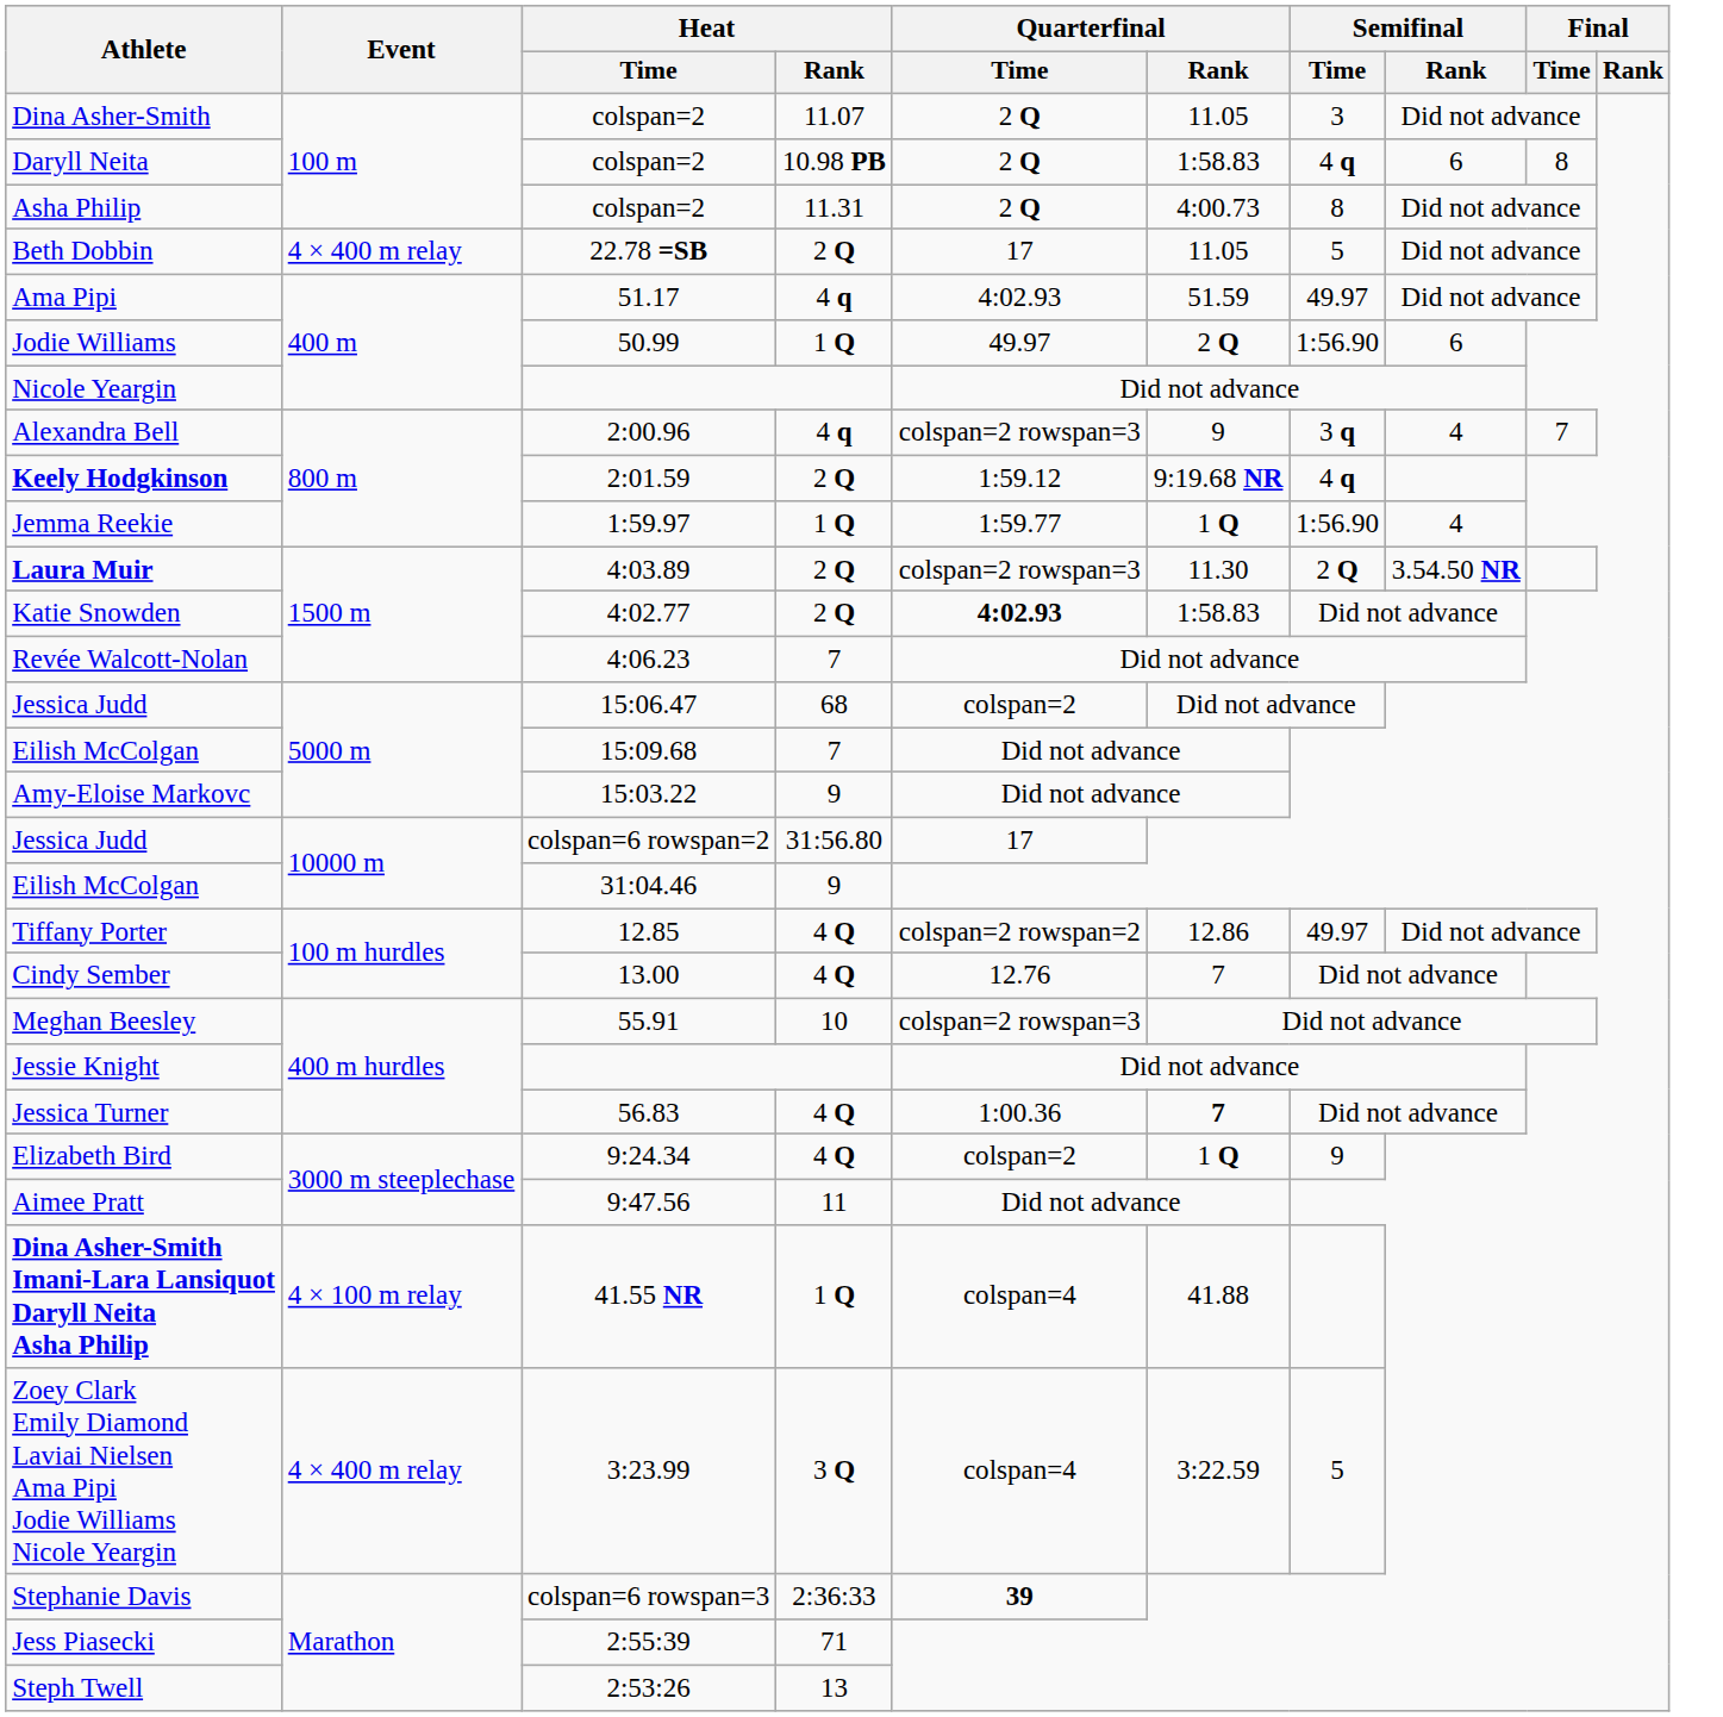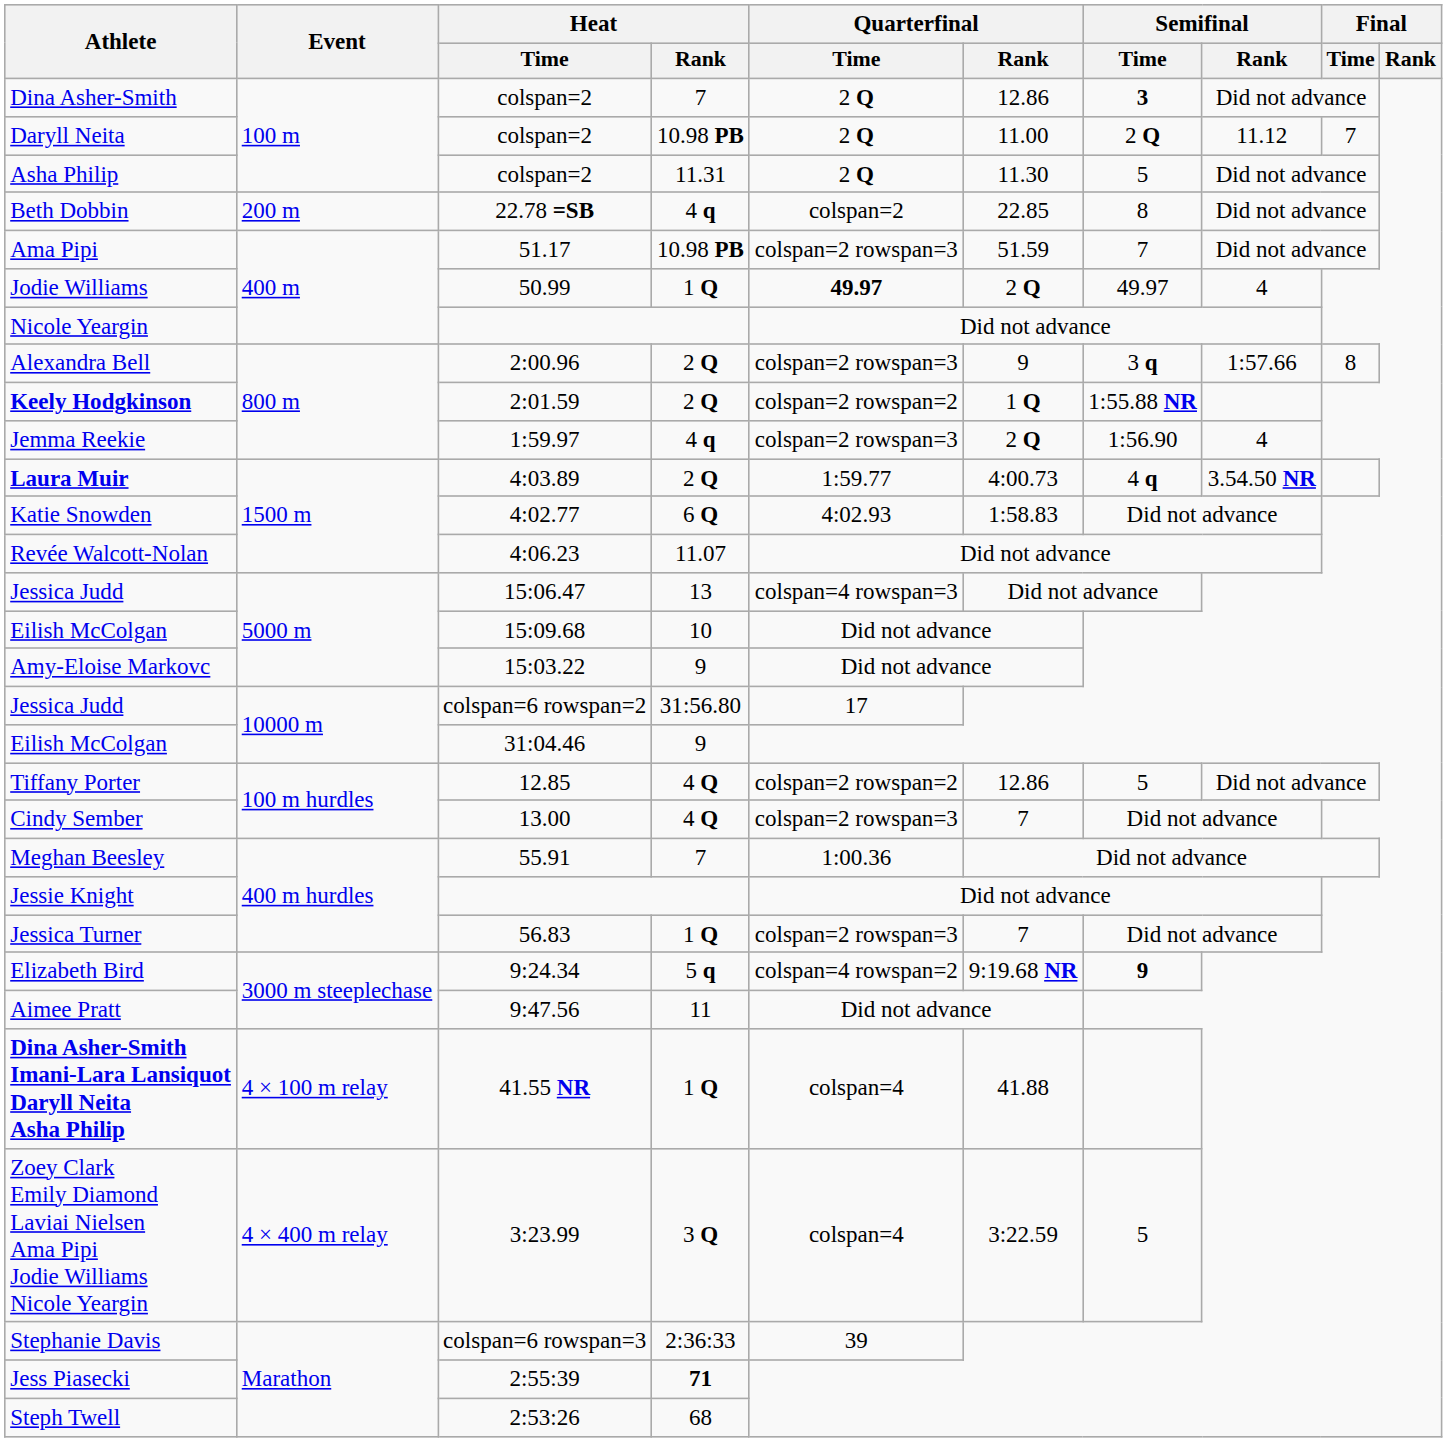 <table class=wikitable style=font-size:90%;text-align:center>
 <tr>
 <th rowspan=2>Athlete</th>
 <th rowspan=2>Event</th>
 <th colspan=2>Heat</th>
 <th colspan=2>Quarterfinal</th>
 <th colspan=2>Semifinal</th>
 <th colspan=2>Final</th>
 </tr>
 <tr style=font-size:95%>
 <th>Time</th>
 <th>Rank</th>
 <th>Time</th>
 <th>Rank</th>
 <th>Time</th>
 <th>Rank</th>
 <th>Time</th>
 <th>Rank</th>
 </tr>
 <tr>
 <td align=left><a href='#'>Dina Asher-Smith</a></td>
 <td align=left rowspan=3><a href='#'>100 m</a></td>
 <td>colspan=2 </td>
-<td>11.07</td>
+<td>7</td>
 <td>2 <strong>Q</strong></td>
-<td>11.05</td>
-<td>3</td>
+<td>12.86</td>
+<td><strong>3</strong></td>
 <td colspan=2>Did not advance</td>
 </tr>
 <tr>
 <td align=left><a href='#'>Daryll Neita</a></td>
 <td>colspan=2 </td>
 <td>10.98 <strong>PB</strong></td>
 <td>2 <strong>Q</strong></td>
-<td>1:58.83</td>
-<td>4 <strong>q</strong></td>
-<td>6</td>
-<td>8</td>
+<td>11.00</td>
+<td>2 <strong>Q</strong></td>
+<td>11.12</td>
+<td>7</td>
 </tr>
 <tr>
 <td align=left><a href='#'>Asha Philip</a></td>
 <td>colspan=2 </td>
 <td>11.31</td>
 <td>2 <strong>Q</strong></td>
-<td>4:00.73</td>
-<td>8</td>
+<td>11.30</td>
+<td>5</td>
 <td colspan=2>Did not advance</td>
 </tr>
 <tr>
 <td align="left"><a href='#'>Beth Dobbin</a></td>
-<td align=left><a href='#'>4 × 400 m relay</a></td>
+<td align="left"><a href='#'>200 m</a></td>
 <td>22.78 <strong>=SB</strong></td>
-<td>2 <strong>Q</strong></td>
-<td>17</td>
-<td>11.05</td>
-<td>5</td>
+<td>4 <strong>q</strong></td>
+<td>colspan=2 </td>
+<td>22.85</td>
+<td>8</td>
 <td colspan=2>Did not advance</td>
 </tr>
 <tr>
 <td align=left><a href='#'>Ama Pipi</a></td>
 <td align=left rowspan=3><a href='#'>400 m</a></td>
 <td>51.17</td>
-<td>4 <strong>q</strong></td>
-<td>4:02.93</td>
+<td>10.98 <strong>PB</strong></td>
+<td>colspan=2 rowspan=3 </td>
 <td>51.59</td>
-<td>49.97</td>
+<td>7</td>
 <td colspan=2>Did not advance</td>
 </tr>
 <tr>
 <td align=left><a href='#'>Jodie Williams</a></td>
 <td>50.99</td>
 <td>1 <strong>Q</strong></td>
+<td><strong>49.97</strong></td>
+<td>2 <strong>Q</strong></td>
 <td>49.97</td>
-<td>2 <strong>Q</strong></td>
-<td>1:56.90</td>
-<td>6</td>
+<td>4</td>
 </tr>
 <tr>
 <td align=left><a href='#'>Nicole Yeargin</a></td>
 <td colspan=2></td>
 <td colspan=4>Did not advance</td>
 </tr>
 <tr>
 <td align=left><a href='#'>Alexandra Bell</a></td>
 <td align=left rowspan=3><a href='#'>800 m</a></td>
 <td>2:00.96</td>
-<td>4 <strong>q</strong></td>
+<td>2 <strong>Q</strong></td>
 <td>colspan=2 rowspan=3 </td>
 <td>9</td>
 <td>3 <strong>q</strong></td>
-<td>4</td>
-<td>7</td>
+<td>1:57.66</td>
+<td>8</td>
 </tr>
 <tr>
 <td align=left><strong><a href='#'>Keely Hodgkinson</a></strong></td>
 <td>2:01.59</td>
 <td>2 <strong>Q</strong></td>
-<td>1:59.12</td>
-<td>9:19.68 <strong><a href='#'>NR</a></strong></td>
-<td>4 <strong>q</strong></td>
+<td>colspan=2 rowspan=2 </td>
+<td>1 <strong>Q</strong></td>
+<td>1:55.88 <strong><a href='#'>NR</a></strong></td>
 <td></td>
 </tr>
 <tr>
 <td align=left><a href='#'>Jemma Reekie</a></td>
 <td>1:59.97</td>
-<td>1 <strong>Q</strong></td>
-<td>1:59.77</td>
-<td>1 <strong>Q</strong></td>
+<td>4 <strong>q</strong></td>
+<td>colspan=2 rowspan=3 </td>
+<td>2 <strong>Q</strong></td>
 <td>1:56.90</td>
 <td>4</td>
 </tr>
 <tr>
 <td align=left><strong><a href='#'>Laura Muir</a></strong></td>
 <td align=left rowspan=3><a href='#'>1500 m</a></td>
 <td>4:03.89</td>
 <td>2 <strong>Q</strong></td>
-<td>colspan=2 rowspan=3 </td>
-<td>11.30</td>
-<td>2 <strong>Q</strong></td>
+<td>1:59.77</td>
+<td>4:00.73</td>
+<td>4 <strong>q</strong></td>
 <td>3.54.50 <strong><a href='#'>NR</a></strong></td>
 <td></td>
 </tr>
 <tr>
 <td align=left><a href='#'>Katie Snowden</a></td>
 <td>4:02.77</td>
-<td>2 <strong>Q</strong></td>
-<td><strong>4:02.93</strong></td>
+<td>6 <strong>Q</strong></td>
+<td>4:02.93</td>
 <td>1:58.83</td>
 <td colspan=2>Did not advance</td>
 </tr>
 <tr>
 <td align=left><a href='#'>Revée Walcott-Nolan</a></td>
 <td>4:06.23</td>
-<td>7</td>
+<td>11.07</td>
 <td colspan=4>Did not advance</td>
 </tr>
 <tr>
 <td align=left><a href='#'>Jessica Judd</a></td>
 <td align=left rowspan=3><a href='#'>5000 m</a></td>
 <td>15:06.47</td>
-<td>68</td>
-<td>colspan=2 </td>
+<td>13</td>
+<td>colspan=4 rowspan=3 </td>
 <td colspan=2>Did not advance</td>
 </tr>
 <tr>
 <td align=left><a href='#'>Eilish McColgan</a></td>
 <td>15:09.68</td>
-<td>7</td>
+<td>10</td>
 <td colspan=2>Did not advance</td>
 </tr>
 <tr>
 <td align=left><a href='#'>Amy-Eloise Markovc</a></td>
 <td>15:03.22</td>
 <td>9</td>
 <td colspan=2>Did not advance</td>
 </tr>
 <tr>
 <td align=left><a href='#'>Jessica Judd</a></td>
 <td align=left rowspan=2><a href='#'>10000 m</a></td>
 <td>colspan=6 rowspan=2 </td>
 <td>31:56.80</td>
 <td>17</td>
 </tr>
 <tr>
 <td align=left><a href='#'>Eilish McColgan</a></td>
 <td>31:04.46</td>
 <td>9</td>
 </tr>
 <tr>
 <td align=left><a href='#'>Tiffany Porter</a></td>
 <td align=left rowspan=2><a href='#'>100 m hurdles</a></td>
 <td>12.85</td>
 <td>4 <strong>Q</strong></td>
 <td>colspan=2 rowspan=2 </td>
 <td>12.86</td>
-<td>49.97</td>
+<td>5</td>
 <td colspan=2>Did not advance</td>
 </tr>
 <tr>
 <td align=left><a href='#'>Cindy Sember</a></td>
 <td>13.00</td>
 <td>4 <strong>Q</strong></td>
-<td>12.76</td>
+<td>colspan=2 rowspan=3 </td>
 <td>7</td>
 <td colspan=2>Did not advance</td>
 </tr>
 <tr>
 <td align=left><a href='#'>Meghan Beesley</a></td>
 <td align=left rowspan=3><a href='#'>400 m hurdles</a></td>
 <td>55.91</td>
-<td>10</td>
-<td>colspan=2 rowspan=3 </td>
+<td>7</td>
+<td>1:00.36</td>
 <td colspan=4>Did not advance</td>
 </tr>
 <tr>
 <td align=left><a href='#'>Jessie Knight</a></td>
 <td colspan=2></td>
 <td colspan=4>Did not advance</td>
 </tr>
 <tr>
 <td align=left><a href='#'>Jessica Turner</a></td>
 <td>56.83</td>
-<td>4 <strong>Q</strong></td>
-<td>1:00.36</td>
-<td><strong>7</strong></td>
+<td>1 <strong>Q</strong></td>
+<td>colspan=2 rowspan=3 </td>
+<td>7</td>
 <td colspan=2>Did not advance</td>
 </tr>
 <tr>
 <td align=left><a href='#'>Elizabeth Bird</a></td>
 <td align=left rowspan=2><a href='#'>3000 m steeplechase</a></td>
 <td>9:24.34</td>
-<td>4 <strong>Q</strong></td>
-<td>colspan=2 </td>
-<td>1 <strong>Q</strong></td>
-<td>9</td>
+<td>5 <strong>q</strong></td>
+<td>colspan=4 rowspan=2 </td>
+<td>9:19.68 <strong><a href='#'>NR</a></strong></td>
+<td><strong>9</strong></td>
 </tr>
 <tr>
 <td align=left><a href='#'>Aimee Pratt</a></td>
 <td>9:47.56</td>
 <td>11</td>
 <td colspan=2>Did not advance</td>
 </tr>
 <tr>
 <td align=left><strong><a href='#'>Dina Asher-Smith</a><br><a href='#'>Imani-Lara Lansiquot</a><br><a href='#'>Daryll Neita</a><br><a href='#'>Asha Philip</a></strong></td>
 <td align=left><a href='#'>4 × 100 m relay</a></td>
 <td>41.55 <strong><a href='#'>NR</a></strong></td>
 <td>1 <strong>Q</strong></td>
 <td>colspan=4 </td>
 <td>41.88</td>
 <td></td>
 </tr>
 <tr>
 <td align=left><a href='#'>Zoey Clark</a><br><a href='#'>Emily Diamond</a><br><a href='#'>Laviai Nielsen</a><br><a href='#'>Ama Pipi</a><br><a href='#'>Jodie Williams</a><br><a href='#'>Nicole Yeargin</a></td>
 <td align=left><a href='#'>4 × 400 m relay</a></td>
 <td>3:23.99</td>
 <td>3 <strong>Q</strong></td>
 <td>colspan=4 </td>
 <td>3:22.59</td>
 <td>5</td>
 </tr>
 <tr>
 <td align=left><a href='#'>Stephanie Davis</a></td>
 <td align=left rowspan=3><a href='#'>Marathon</a></td>
 <td>colspan=6 rowspan=3 </td>
 <td>2:36:33</td>
-<td><strong>39</strong></td>
+<td>39</td>
 </tr>
 <tr>
 <td align=left><a href='#'>Jess Piasecki</a></td>
 <td>2:55:39</td>
-<td>71</td>
+<td><strong>71</strong></td>
 </tr>
 <tr>
 <td align=left><a href='#'>Steph Twell</a></td>
 <td>2:53:26</td>
-<td>13</td>
+<td>68</td>
 </tr>
 </table>
